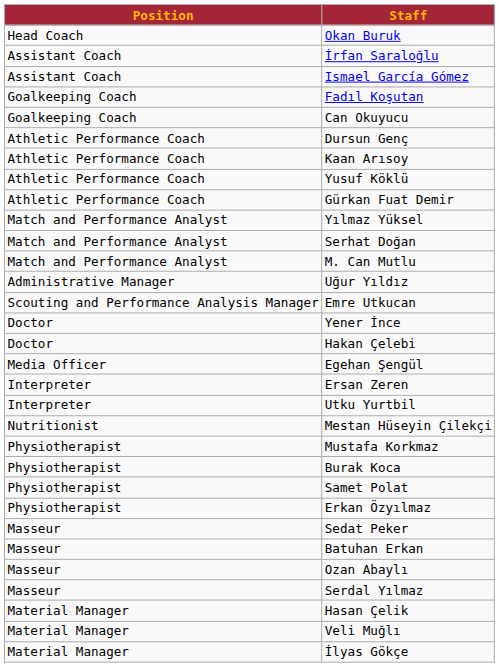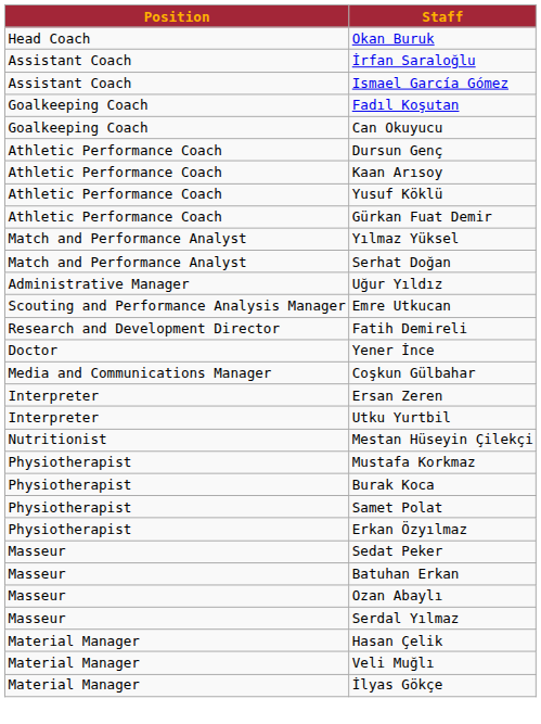 <table class="wikitable plainrowheaders sortable">
 <tr>
 <th style="background:#A32638; color:#FFB300; ">Position</th>
 <th style="background:#A32638; color:#FFB300; ">Staff</th>
 </tr>
 <tr>
 <td>Head Coach</td>
 <td align=left> <a href='#'>Okan Buruk</a></td>
 </tr>
 <tr>
 <td>Assistant Coach</td>
 <td align=left> <a href='#'>İrfan Saraloğlu</a></td>
 </tr>
 <tr>
 <td>Assistant Coach</td>
 <td align=left> <a href='#'>Ismael García Gómez</a></td>
 </tr>
 <tr>
 <td>Goalkeeping Coach</td>
 <td align=left> <a href='#'>Fadıl Koşutan</a></td>
 </tr>
 <tr>
 <td>Goalkeeping Coach</td>
 <td align=left> Can Okuyucu</td>
 </tr>
 <tr>
 <td>Athletic Performance Coach</td>
 <td align=left> Dursun Genç</td>
 </tr>
 <tr>
 <td>Athletic Performance Coach</td>
 <td align=left> Kaan Arısoy</td>
 </tr>
 <tr>
 <td>Athletic Performance Coach</td>
 <td align=left> Yusuf Köklü</td>
 </tr>
 <tr>
 <td>Athletic Performance Coach</td>
 <td align=left> Gürkan Fuat Demir</td>
 </tr>
 <tr>
 <td>Match and Performance Analyst</td>
 <td align=left> Yılmaz Yüksel</td>
 </tr>
 <tr>
 <td>Match and Performance Analyst</td>
 <td align=left> Serhat Doğan</td>
 </tr>
 <tr>
-<td>Match and Performance Analyst</td>
-<td align=left> M. Can Mutlu</td>
-</tr>
-<tr>
 <td>Administrative Manager</td>
 <td align=left> Uğur Yıldız</td>
 </tr>
 <tr>
 <td>Scouting and Performance Analysis Manager</td>
 <td align=left> Emre Utkucan</td>
 </tr>
 <tr>
+<td>Research and Development Director</td>
+<td align=left> Fatih Demireli</td>
+</tr>
+<tr>
 <td>Doctor</td>
 <td align=left> Yener İnce</td>
 </tr>
 <tr>
-<td>Doctor</td>
-<td align=left> Hakan Çelebi</td>
-</tr>
-<tr>
-<td>Media Officer</td>
-<td align=left> Egehan Şengül</td>
+<td>Media and Communications Manager</td>
+<td align=left> Coşkun Gülbahar</td>
 </tr>
 <tr>
 <td>Interpreter</td>
 <td align=left> Ersan Zeren</td>
 </tr>
 <tr>
 <td>Interpreter</td>
 <td align=left> Utku Yurtbil</td>
 </tr>
 <tr>
 <td>Nutritionist</td>
 <td align=left> Mestan Hüseyin Çilekçi</td>
 </tr>
 <tr>
 <td>Physiotherapist</td>
 <td align=left> Mustafa Korkmaz</td>
 </tr>
 <tr>
 <td>Physiotherapist</td>
 <td align=left> Burak Koca</td>
 </tr>
 <tr>
 <td>Physiotherapist</td>
 <td align=left> Samet Polat</td>
 </tr>
 <tr>
 <td>Physiotherapist</td>
 <td align=left> Erkan Özyılmaz</td>
 </tr>
 <tr>
 <td>Masseur</td>
 <td align=left> Sedat Peker</td>
 </tr>
 <tr>
 <td>Masseur</td>
 <td align=left> Batuhan Erkan</td>
 </tr>
 <tr>
 <td>Masseur</td>
 <td align=left> Ozan Abaylı</td>
 </tr>
 <tr>
 <td>Masseur</td>
 <td align=left> Serdal Yılmaz</td>
 </tr>
 <tr>
 <td>Material Manager</td>
 <td align=left> Hasan Çelik</td>
 </tr>
 <tr>
 <td>Material Manager</td>
 <td align=left> Veli Muğlı</td>
 </tr>
 <tr>
 <td>Material Manager</td>
 <td align=left> İlyas Gökçe</td>
 </tr>
 </table>
